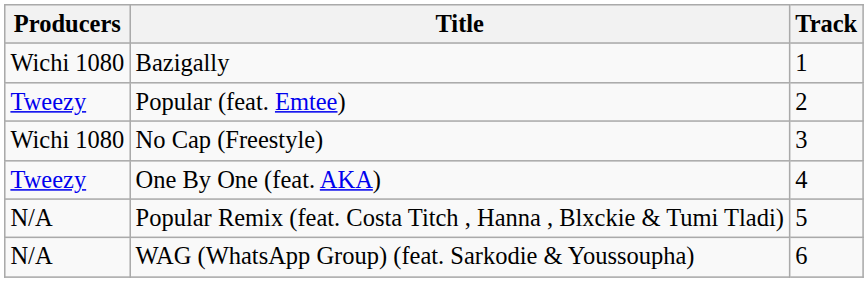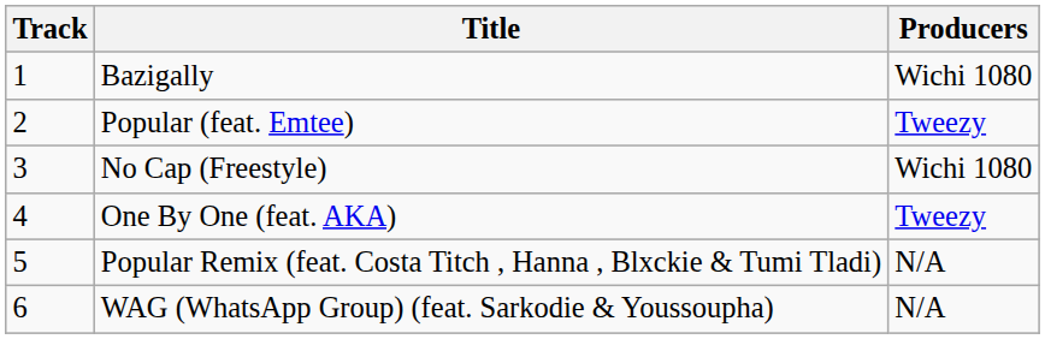 <table class="wikitable">
 <tr>
+<th>Track</th>
+<th>Title</th>
 <th>Producers</th>
-<th>Title</th>
-<th>Track</th>
 </tr>
 <tr>
+<td>1</td>
+<td>Bazigally</td>
 <td>Wichi 1080</td>
-<td>Bazigally</td>
-<td>1</td>
 </tr>
 <tr>
+<td>2</td>
+<td>Popular (feat. <a href='#'>Emtee</a>)</td>
 <td><a href='#'>Tweezy</a></td>
-<td>Popular (feat. <a href='#'>Emtee</a>)</td>
-<td>2</td>
 </tr>
 <tr>
+<td>3</td>
+<td>No Cap (Freestyle)</td>
 <td>Wichi 1080</td>
-<td>No Cap (Freestyle)</td>
-<td>3</td>
 </tr>
 <tr>
+<td>4</td>
+<td>One By One (feat. <a href='#'>AKA</a>)</td>
 <td><a href='#'>Tweezy</a></td>
-<td>One By One (feat. <a href='#'>AKA</a>)</td>
-<td>4</td>
 </tr>
 <tr>
+<td>5</td>
+<td>Popular Remix (feat. Costa Titch , Hanna , Blxckie & Tumi Tladi)</td>
 <td>N/A</td>
-<td>Popular Remix (feat. Costa Titch , Hanna , Blxckie & Tumi Tladi)</td>
-<td>5</td>
 </tr>
 <tr>
+<td>6</td>
+<td>WAG (WhatsApp Group) (feat. Sarkodie & Youssoupha)</td>
 <td>N/A</td>
-<td>WAG (WhatsApp Group) (feat. Sarkodie & Youssoupha)</td>
-<td>6</td>
 </tr>
 </table>
